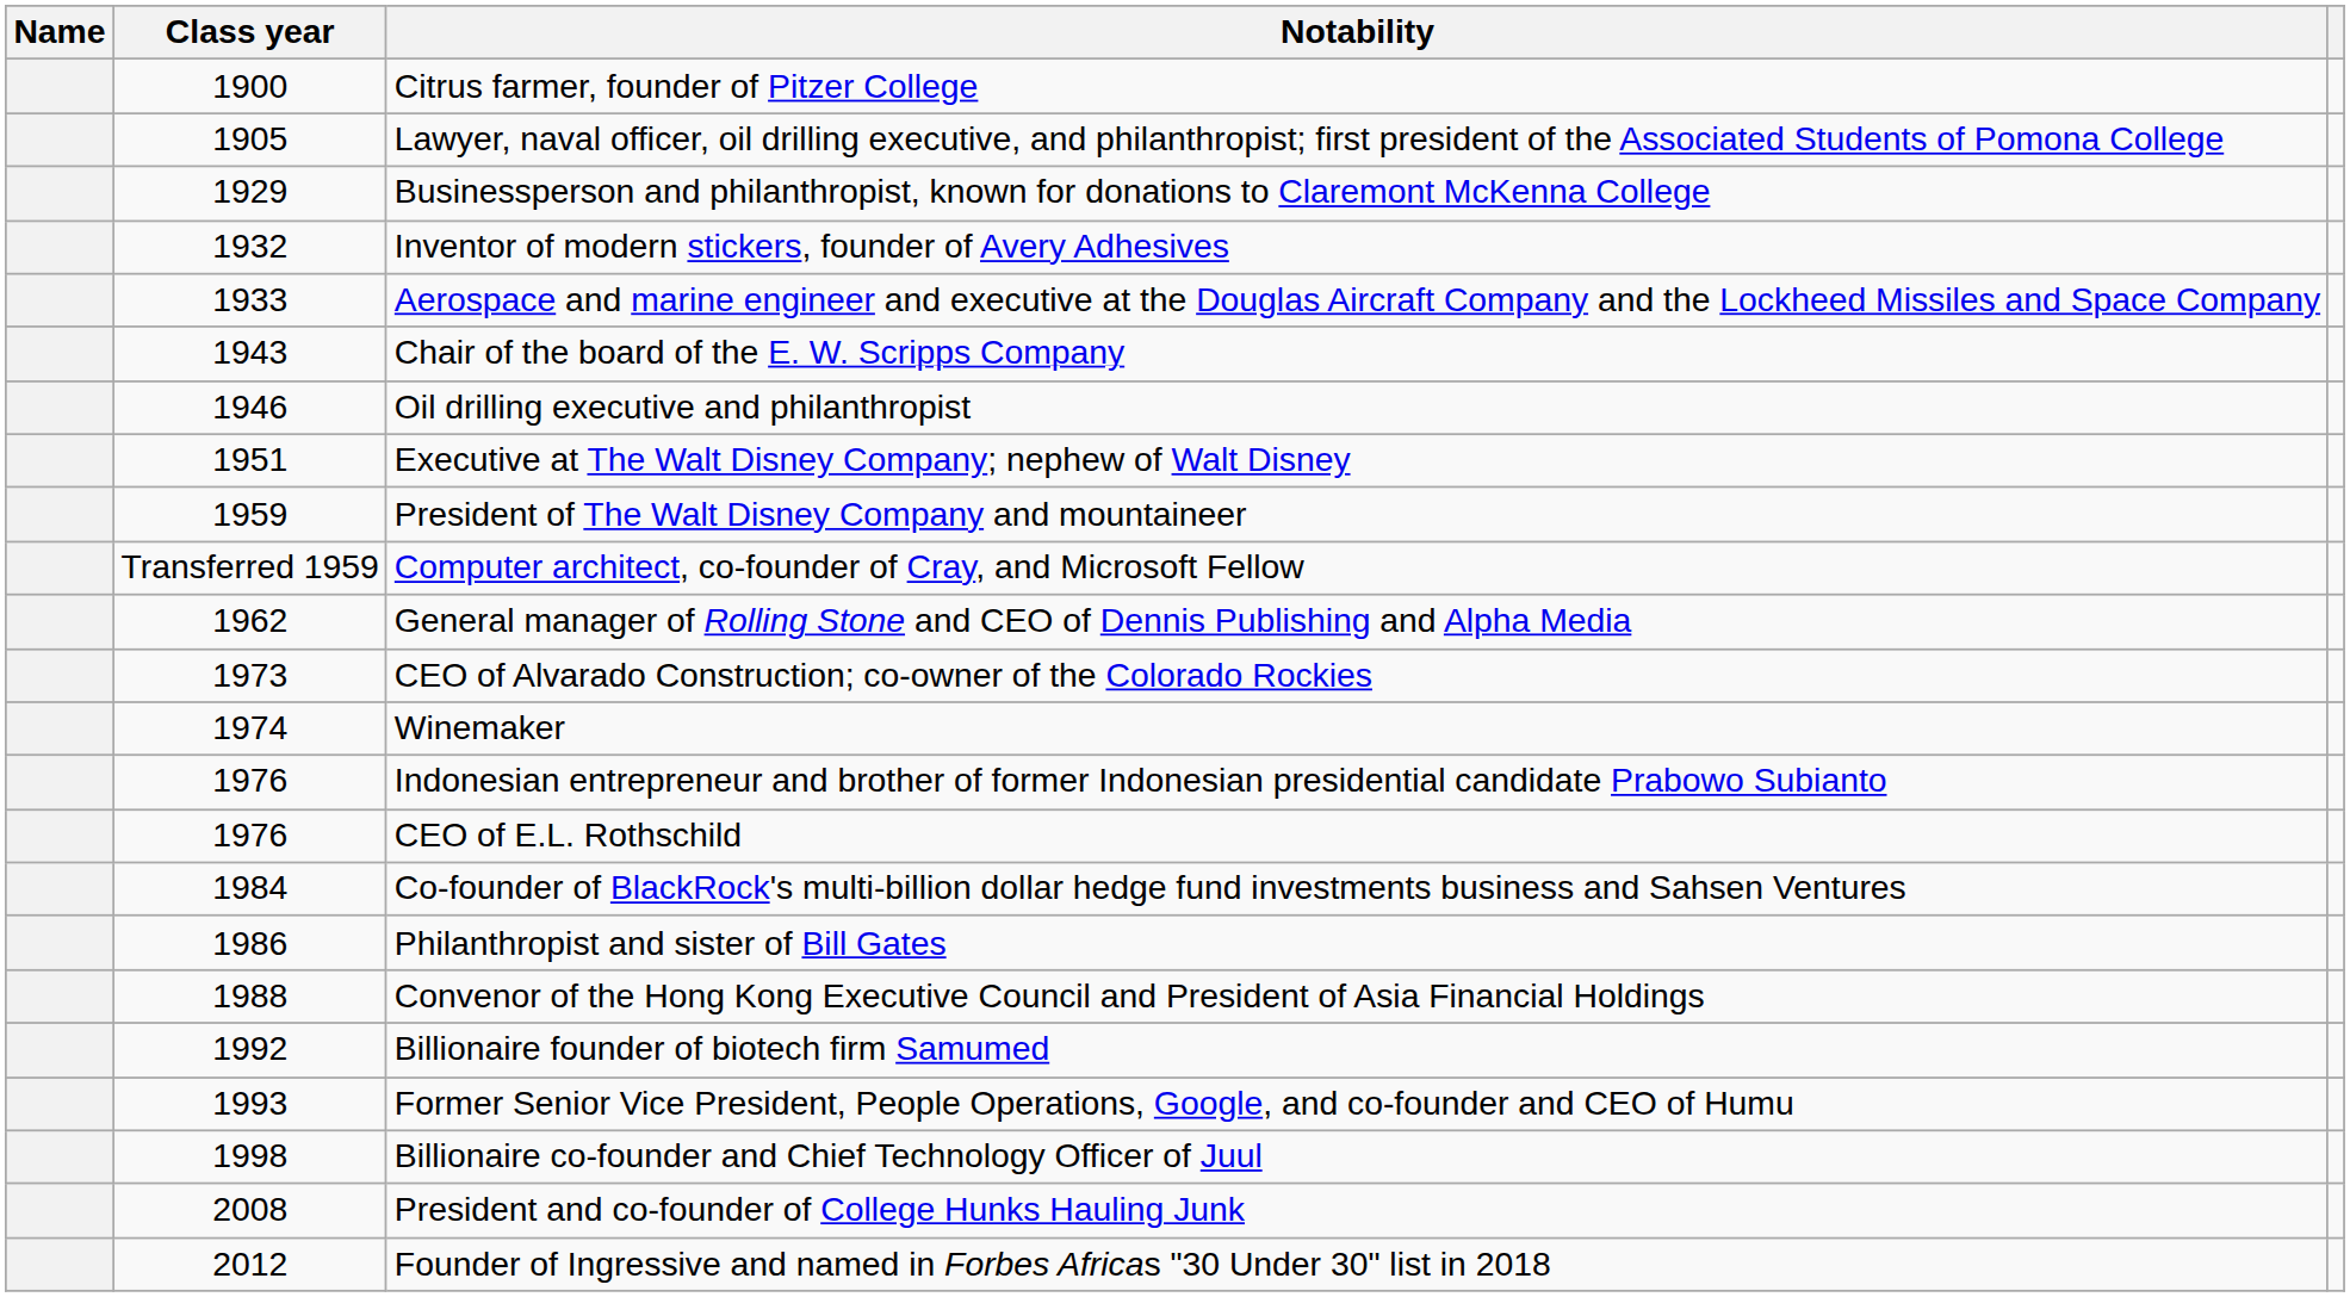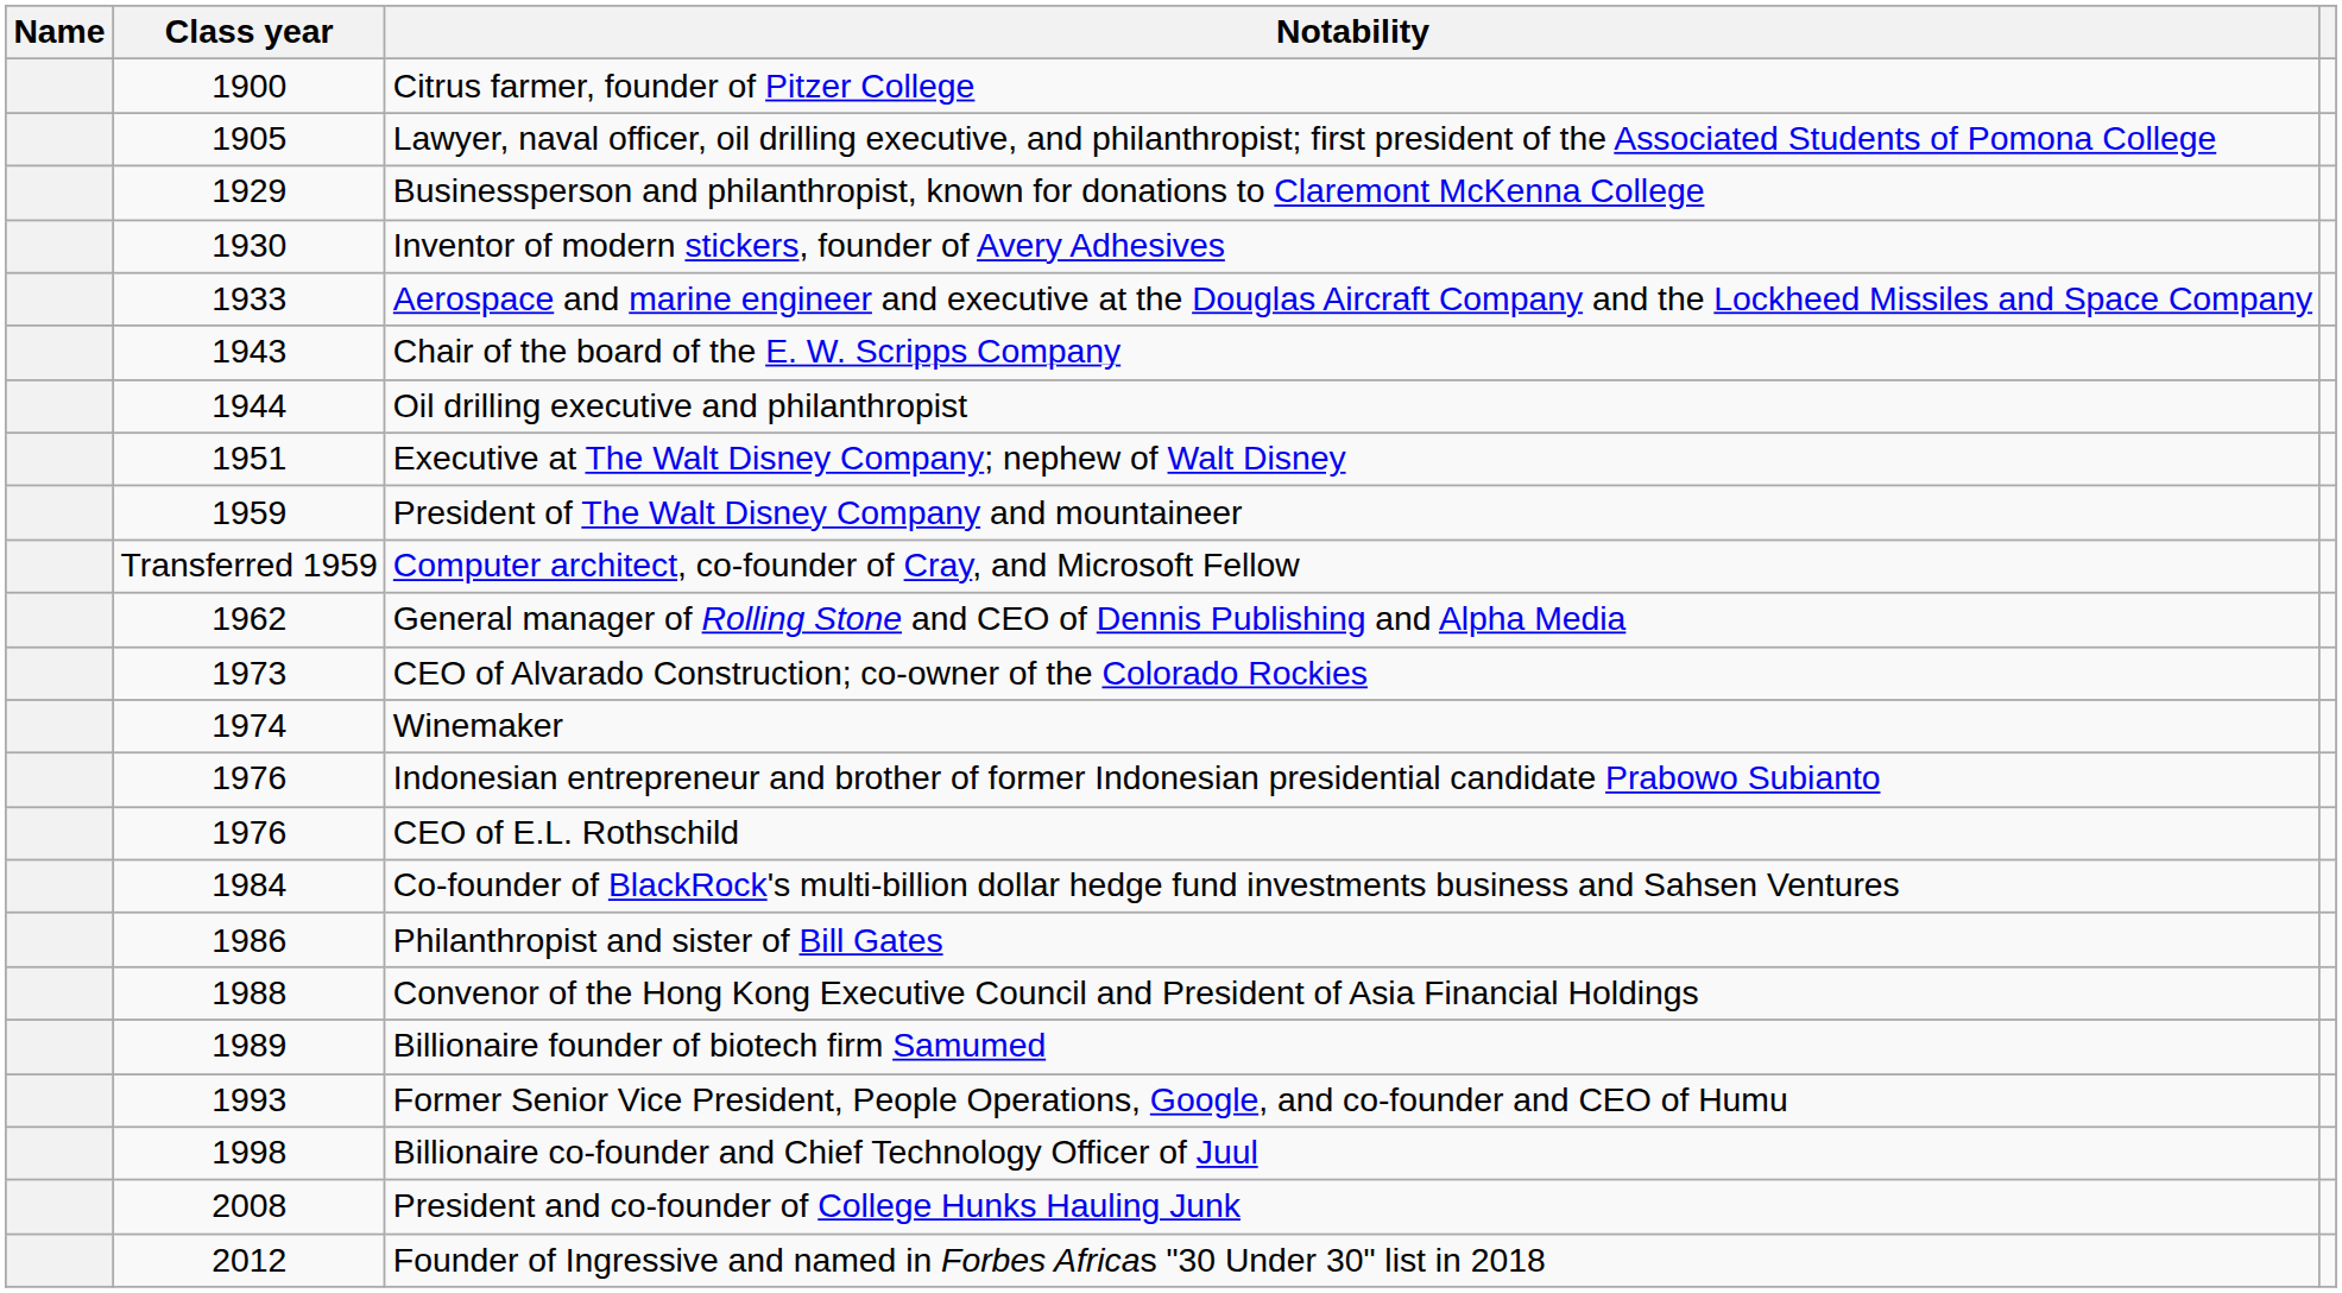 <table class="wikitable sortable plainrowheaders" style="text-align:center; border:2px solid #">
 <tr>
 <th scope="col">Name</th>
 <th scope="col">Class year</th>
 <th scope="col">Notability</th>
 <th scope="col"></th>
 </tr>
 <tr>
 <th scope="row"></th>
 <td>1900</td>
 <td style="text-align:left;">Citrus farmer, founder of <a href='#'>Pitzer College</a></td>
 <td></td>
 </tr>
 <tr>
 <th scope="row"></th>
 <td>1905</td>
 <td style="text-align:left;">Lawyer, naval officer, oil drilling executive, and philanthropist; first president of the <a href='#'>Associated Students of Pomona College</a></td>
 <td></td>
 </tr>
 <tr>
 <th scope="row"></th>
 <td>1929</td>
 <td style="text-align:left;">Businessperson and philanthropist, known for donations to <a href='#'>Claremont McKenna College</a></td>
 <td></td>
 </tr>
 <tr>
 <th scope="row"></th>
-<td>1932</td>
+<td>1930</td>
 <td style="text-align:left;">Inventor of modern <a href='#'>stickers</a>, founder of <a href='#'>Avery Adhesives</a></td>
 <td></td>
 </tr>
 <tr>
 <th scope="row"></th>
 <td>1933</td>
 <td style="text-align:left;"><a href='#'>Aerospace</a> and <a href='#'>marine engineer</a> and executive at the <a href='#'>Douglas Aircraft Company</a> and the <a href='#'>Lockheed Missiles and Space Company</a></td>
 <td></td>
 </tr>
 <tr>
 <th scope="row"></th>
 <td>1943</td>
 <td style="text-align:left;">Chair of the board of the <a href='#'>E. W. Scripps Company</a></td>
 <td></td>
 </tr>
 <tr>
 <th scope="row"></th>
-<td>1946</td>
+<td>1944</td>
 <td style="text-align:left;">Oil drilling executive and philanthropist</td>
 <td></td>
 </tr>
 <tr>
 <th scope="row"></th>
 <td>1951</td>
 <td style="text-align:left;">Executive at <a href='#'>The Walt Disney Company</a>; nephew of <a href='#'>Walt Disney</a></td>
 <td></td>
 </tr>
 <tr>
 <th scope="row"></th>
 <td>1959</td>
 <td style="text-align:left;">President of <a href='#'>The Walt Disney Company</a> and mountaineer</td>
 <td></td>
 </tr>
 <tr>
 <th scope="row"></th>
 <td>Transferred 1959</td>
 <td style="text-align:left;"><a href='#'>Computer architect</a>, co-founder of <a href='#'>Cray</a>, and Microsoft Fellow</td>
 <td></td>
 </tr>
 <tr>
 <th scope="row"></th>
 <td>1962</td>
 <td style="text-align:left;">General manager of <em><a href='#'>Rolling Stone</a></em> and CEO of <a href='#'>Dennis Publishing</a> and <a href='#'>Alpha Media</a></td>
 <td></td>
 </tr>
 <tr>
 <th scope="row"></th>
 <td>1973</td>
 <td style="text-align:left;">CEO of Alvarado Construction; co-owner of the <a href='#'>Colorado Rockies</a></td>
 <td></td>
 </tr>
 <tr>
 <th scope="row"></th>
 <td>1974</td>
 <td style="text-align:left;">Winemaker</td>
 <td></td>
 </tr>
 <tr>
 <th scope="row"></th>
 <td>1976</td>
 <td style="text-align:left;">Indonesian entrepreneur and brother of former Indonesian presidential candidate <a href='#'>Prabowo Subianto</a></td>
 <td></td>
 </tr>
 <tr>
 <th scope="row"></th>
 <td>1976</td>
 <td style="text-align:left;">CEO of E.L. Rothschild</td>
 <td></td>
 </tr>
 <tr>
 <th scope="row"></th>
 <td>1984</td>
 <td style="text-align:left;">Co-founder of <a href='#'>BlackRock</a>'s multi-billion dollar hedge fund investments business and Sahsen Ventures</td>
 <td></td>
 </tr>
 <tr>
 <th scope="row"></th>
 <td>1986</td>
 <td style="text-align:left;">Philanthropist and sister of <a href='#'>Bill Gates</a></td>
 <td></td>
 </tr>
 <tr>
 <th scope="row"></th>
 <td>1988</td>
 <td style="text-align:left;">Convenor of the Hong Kong Executive Council and President of Asia Financial Holdings</td>
 <td></td>
 </tr>
 <tr>
 <th scope="row"></th>
-<td>1992</td>
+<td>1989</td>
 <td style="text-align:left;">Billionaire founder of biotech firm <a href='#'>Samumed</a></td>
 <td></td>
 </tr>
 <tr>
 <th scope="row"></th>
 <td>1993</td>
 <td style="text-align:left;">Former Senior Vice President, People Operations, <a href='#'>Google</a>, and co-founder and CEO of Humu</td>
 <td></td>
 </tr>
 <tr>
 <th scope="row"></th>
 <td>1998</td>
 <td style="text-align:left;">Billionaire co-founder and Chief Technology Officer of <a href='#'>Juul</a></td>
 <td></td>
 </tr>
 <tr>
 <th scope="row"></th>
 <td>2008</td>
 <td style="text-align:left;">President and co-founder of <a href='#'>College Hunks Hauling Junk</a></td>
 <td></td>
 </tr>
 <tr>
 <th scope="row"></th>
 <td>2012</td>
 <td style="text-align:left;">Founder of Ingressive and named in <em>Forbes Africa</em>s "30 Under 30" list in 2018</td>
 <td></td>
 </tr>
 </table>
